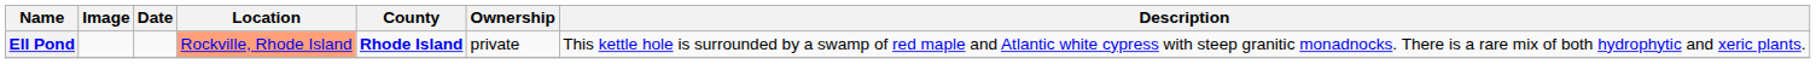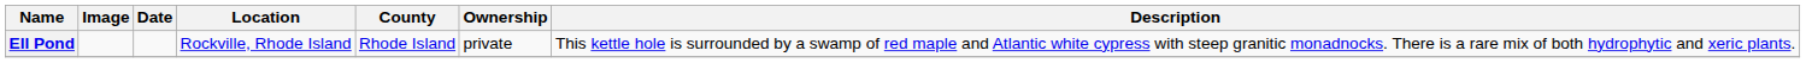 <table class="wikitable sortable" align="center">
 <tr>
 <th style="background-color:">Name</th>
 <th style="background-color:">Image</th>
 <th style="background-color:">Date</th>
 <th style="background-color:">Location</th>
 <th style="background-color:">County</th>
 <th style="background-color:">Ownership</th>
 <th style="background-color:">Description</th>
 </tr>
 <tr>
 <th><a href='#'>Ell Pond</a></th>
 <td></td>
 <td></td>
-<td style="background: lightsalmon;"><a href='#'>Rockville, Rhode Island</a> <small></small></td>
-<td><strong><a href='#'>Rhode Island</a></strong></td>
+<td><a href='#'>Rockville, Rhode Island</a> <small></small></td>
+<td><a href='#'>Rhode Island</a></td>
 <td>private</td>
 <td>This <a href='#'>kettle hole</a> is surrounded by a swamp of <a href='#'>red maple</a>  and <a href='#'>Atlantic white cypress</a> with steep granitic <a href='#'>monadnocks</a>. There is a rare mix of both <a href='#'>hydrophytic</a> and <a href='#'>xeric plants</a>.</td>
 </tr>
 <tr>
 </tr>
 </table>
